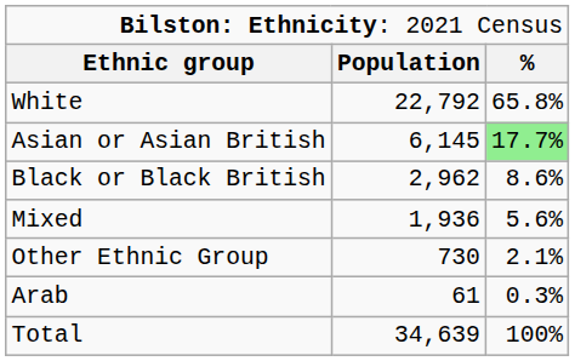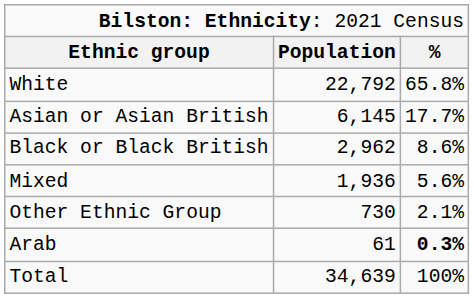 <table class="wikitable">
 <tr>
 <td colspan="14" style="text-align:right;"><strong>Bilston: Ethnicity</strong>: 2021 Census</td>
 </tr>
 <tr>
 <th>Ethnic group</th>
 <th>Population</th>
 <th>%</th>
 </tr>
 <tr>
 <td>White</td>
 <td style="text-align:right;">22,792</td>
 <td style="text-align:right;">65.8%</td>
 </tr>
 <tr>
 <td>Asian or Asian British</td>
 <td style="text-align:right;">6,145</td>
-<td style="background: lightgreen; text-align:right;">17.7%</td>
+<td style="text-align:right;">17.7%</td>
 </tr>
 <tr>
 <td>Black or Black British</td>
 <td style="text-align:right;">2,962</td>
 <td style="text-align:right;">8.6%</td>
 </tr>
 <tr>
 <td>Mixed</td>
 <td style="text-align:right;">1,936</td>
 <td style="text-align:right;">5.6%</td>
 </tr>
 <tr>
 <td>Other Ethnic Group</td>
 <td style="text-align:right;">730</td>
 <td style="text-align:right;">2.1%</td>
 </tr>
 <tr>
 <td>Arab</td>
 <td style="text-align:right;">61</td>
-<td style="text-align:right;">0.3%</td>
+<td style="text-align:right;"><strong>0.3%</strong></td>
 </tr>
 <tr>
 <td>Total</td>
 <td style="text-align:right;">34,639</td>
 <td style="text-align:right;">100%</td>
 </tr>
 </table>
